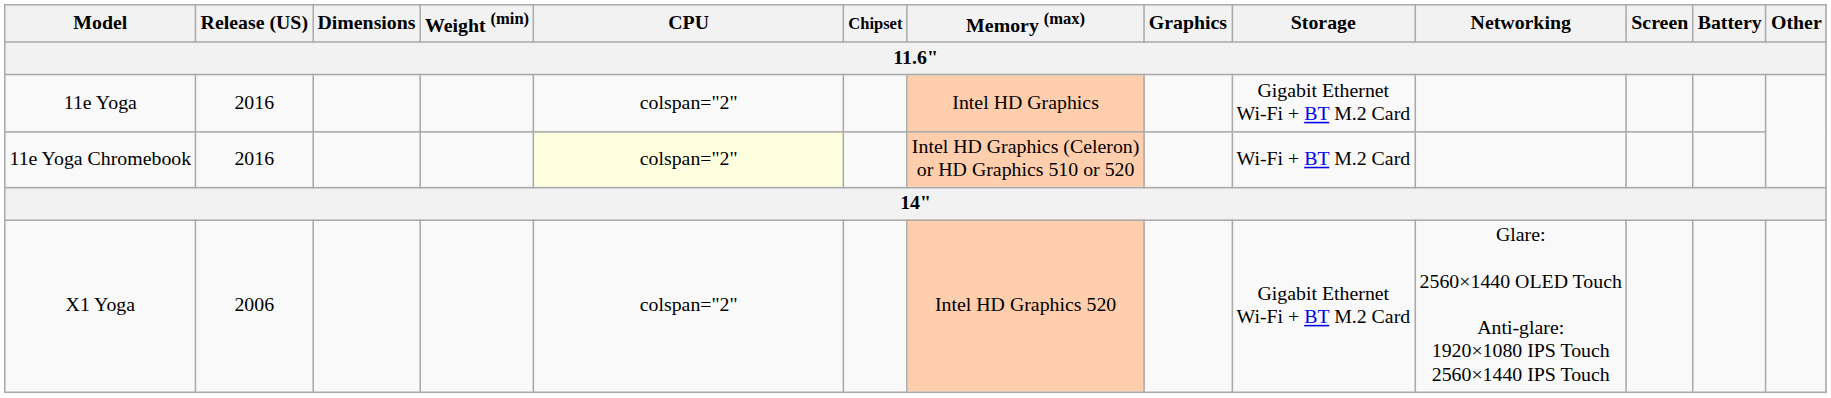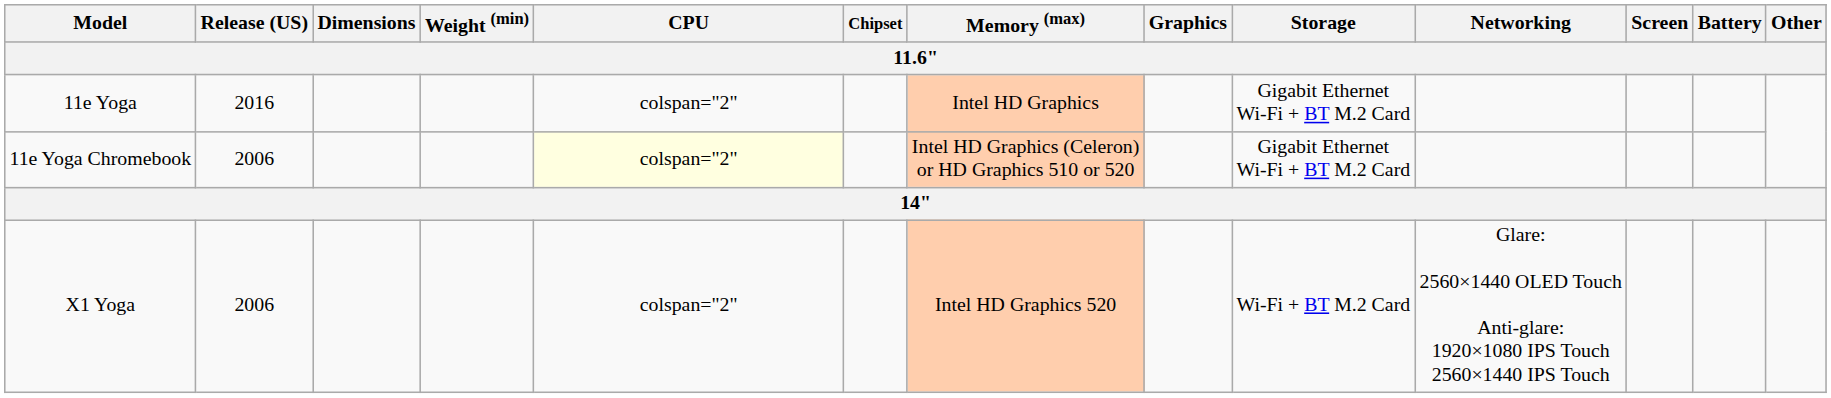 <table class="wikitable" style="font-size: 80%; text-align: center; min-width: 80%;">
 <tr>
 <th>Model</th>
 <th>Release (US)</th>
 <th>Dimensions</th>
 <th>Weight <sup>(min)</sup></th>
 <th style="width:17%">CPU</th>
 <th><small>Chipset</small></th>
 <th>Memory <sup>(max)</sup></th>
 <th>Graphics</th>
 <th>Storage</th>
 <th>Networking</th>
 <th>Screen</th>
 <th>Battery</th>
 <th>Other</th>
 </tr>
 <tr>
 <th colspan=13>11.6"</th>
 </tr>
 <tr>
 <td>11e Yoga </td>
 <td>2016</td>
 <td></td>
 <td></td>
 <td>colspan="2" </td>
 <td></td>
 <td style="background:#ffcead;">Intel HD Graphics</td>
 <td></td>
 <td>Gigabit Ethernet<br>Wi-Fi + <a href='#'>BT</a> M.2 Card</td>
 <td></td>
 <td></td>
 <td><br></td>
 </tr>
 <tr>
 <td>11e Yoga Chromebook </td>
-<td>2016</td>
+<td>2006</td>
 <td></td>
 <td></td>
 <td style="background: lightyellow;">colspan="2" </td>
 <td></td>
 <td style="background:#ffcead;">Intel HD Graphics (Celeron) <br>or  HD Graphics 510 or 520</td>
 <td></td>
-<td>Wi-Fi + <a href='#'>BT</a> M.2 Card</td>
+<td> Gigabit Ethernet<br>Wi-Fi + <a href='#'>BT</a> M.2 Card<br><small></small></td>
 <td></td>
 <td></td>
 <td><br></td>
 </tr>
 <tr>
 <th colspan=13>14"</th>
 </tr>
 <tr>
 <td>X1 Yoga</td>
 <td>2006</td>
 <td></td>
 <td></td>
 <td>colspan="2" </td>
 <td></td>
 <td style="background:#ffcead;">Intel HD Graphics 520</td>
 <td></td>
-<td> Gigabit Ethernet<br>Wi-Fi + <a href='#'>BT</a> M.2 Card<br><small></small></td>
+<td>Wi-Fi + <a href='#'>BT</a> M.2 Card</td>
 <td style="background:">Glare: <br><br>2560×1440 OLED Touch<br><br> Anti-glare: <br> 1920×1080 IPS Touch<br> 2560×1440 IPS Touch</td>
 <td></td>
 <td></td>
 </tr>
 </table>
